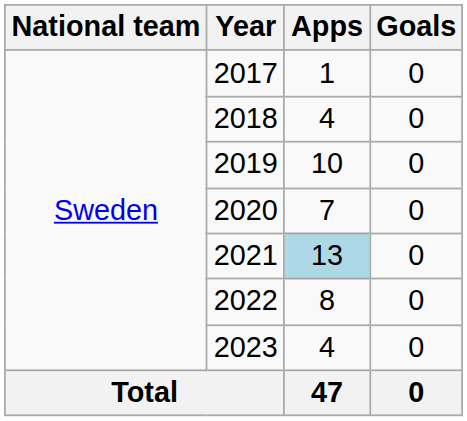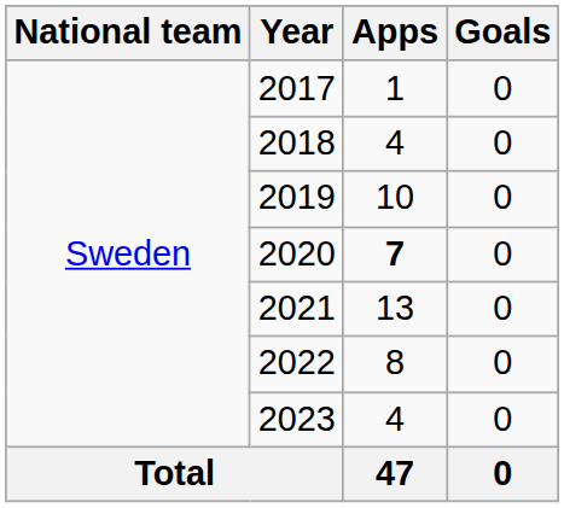 <table class="wikitable" style="text-align:center">
 <tr>
 <th>National team</th>
 <th>Year</th>
 <th>Apps</th>
 <th>Goals</th>
 </tr>
 <tr>
 <td rowspan="7"><a href='#'>Sweden</a></td>
 <td>2017</td>
 <td>1</td>
 <td>0</td>
 </tr>
 <tr>
 <td>2018</td>
 <td>4</td>
 <td>0</td>
 </tr>
 <tr>
 <td>2019</td>
 <td>10</td>
 <td>0</td>
 </tr>
 <tr>
 <td>2020</td>
-<td>7</td>
+<td><strong>7</strong></td>
 <td>0</td>
 </tr>
 <tr>
 <td>2021</td>
-<td style="background: lightblue;">13</td>
+<td>13</td>
 <td>0</td>
 </tr>
 <tr>
 <td>2022</td>
 <td>8</td>
 <td>0</td>
 </tr>
 <tr>
 <td>2023</td>
 <td>4</td>
 <td>0</td>
 </tr>
 <tr>
 <th colspan="2">Total</th>
 <th>47</th>
 <th>0</th>
 </tr>
 </table>
